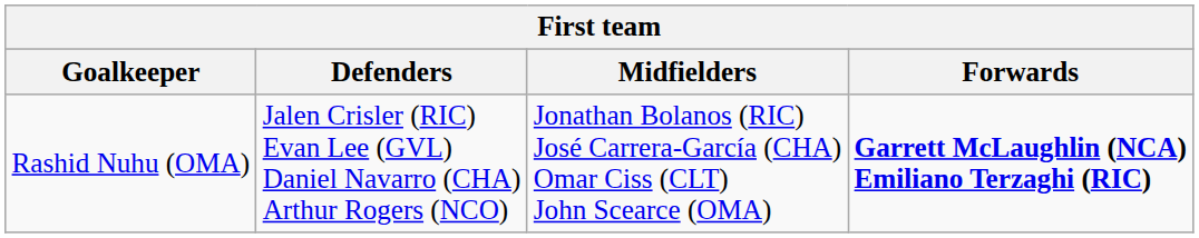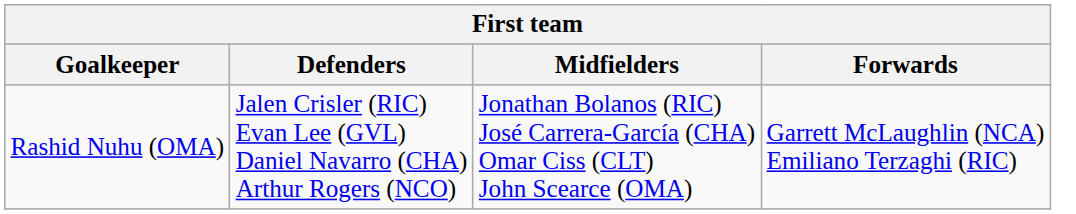 <table class="wikitable">
 <tr>
 <th colspan="4">First team</th>
 </tr>
 <tr>
 <th>Goalkeeper</th>
 <th>Defenders</th>
 <th>Midfielders</th>
 <th>Forwards</th>
 </tr>
 <tr>
 <td> <a href='#'>Rashid Nuhu</a> (<a href='#'>OMA</a>)</td>
 <td> <a href='#'>Jalen Crisler</a> (<a href='#'>RIC</a>)<br> <a href='#'>Evan Lee</a> (<a href='#'>GVL</a>)<br> <a href='#'>Daniel Navarro</a> (<a href='#'>CHA</a>)<br> <a href='#'>Arthur Rogers</a> (<a href='#'>NCO</a>)</td>
 <td> <a href='#'>Jonathan Bolanos</a> (<a href='#'>RIC</a>)<br> <a href='#'>José Carrera-García</a> (<a href='#'>CHA</a>)<br> <a href='#'>Omar Ciss</a> (<a href='#'>CLT</a>)<br> <a href='#'>John Scearce</a> (<a href='#'>OMA</a>)</td>
-<td><strong> <a href='#'>Garrett McLaughlin</a> (<a href='#'>NCA</a>)<br> <a href='#'>Emiliano Terzaghi</a> (<a href='#'>RIC</a>)</strong></td>
+<td> <a href='#'>Garrett McLaughlin</a> (<a href='#'>NCA</a>)<br> <a href='#'>Emiliano Terzaghi</a> (<a href='#'>RIC</a>)</td>
 </tr>
 </table>
